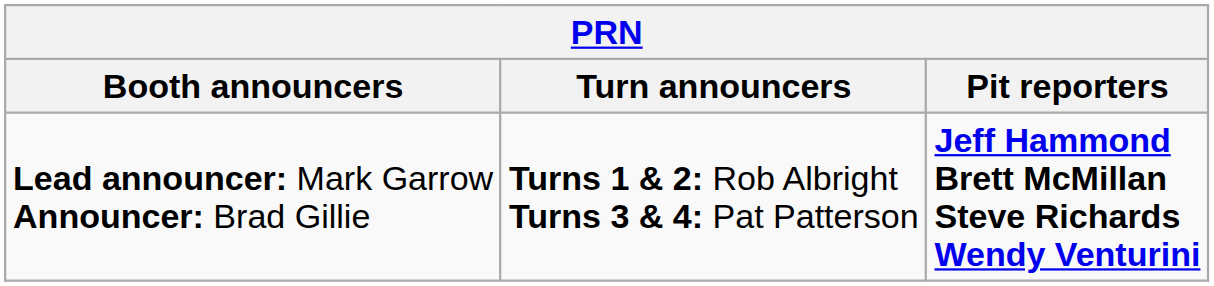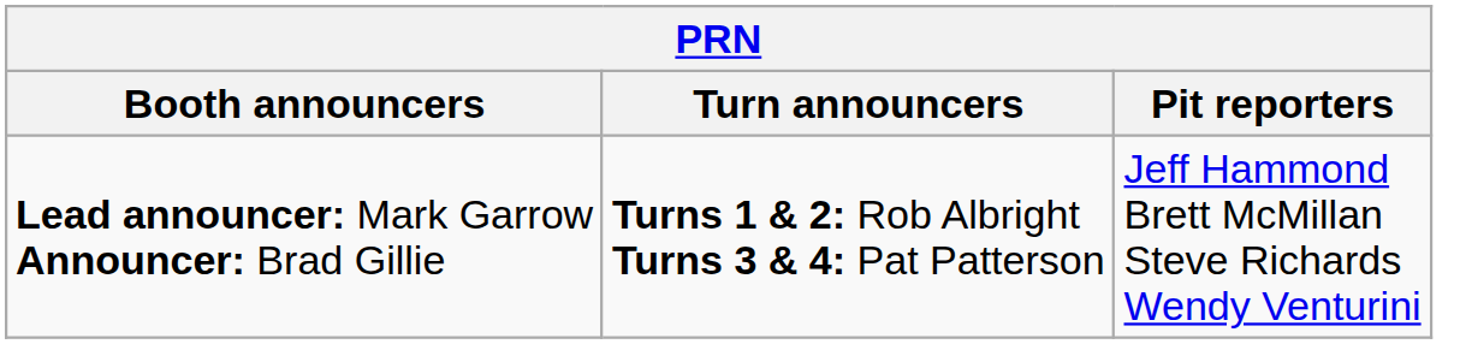 <table class="wikitable" style="font-size: 95%;">
 <tr>
 <th colspan="3"><a href='#'>PRN</a></th>
 </tr>
 <tr>
 <th>Booth announcers</th>
 <th>Turn announcers</th>
 <th>Pit reporters</th>
 </tr>
 <tr>
 <td><strong>Lead announcer:</strong> Mark Garrow<br><strong>Announcer:</strong> Brad Gillie</td>
 <td><strong>Turns 1 & 2:</strong> Rob Albright<br><strong>Turns 3 & 4:</strong> Pat Patterson</td>
-<td><strong><a href='#'>Jeff Hammond</a><br>Brett McMillan<br>Steve Richards<br><a href='#'>Wendy Venturini</a></strong></td>
+<td><a href='#'>Jeff Hammond</a><br>Brett McMillan<br>Steve Richards<br><a href='#'>Wendy Venturini</a></td>
 </tr>
 </table>
